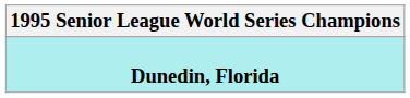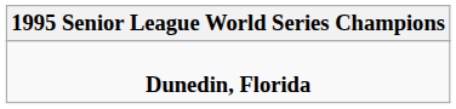 <table class="wikitable" style="text-align: center; margin: 0 auto;">
 <tr>
 <th>1995 Senior League World Series Champions</th>
 </tr>
 <tr>
 </tr>
 <tr>
-<td style="background: paleturquoise;"><br><strong>Dunedin, Florida</strong></td>
+<td><br><strong>Dunedin, Florida</strong></td>
 </tr>
 </table>
